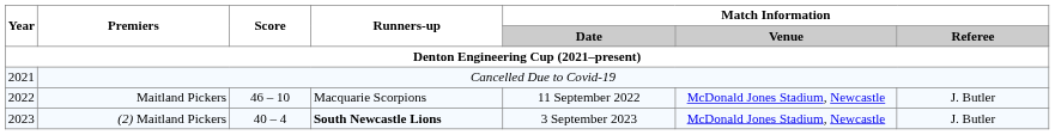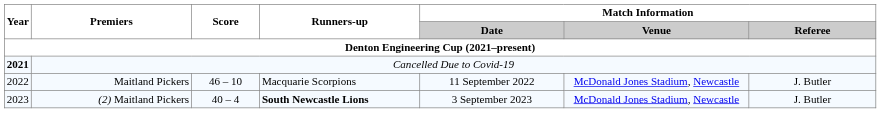 <table border="1" cellpadding="3" cellspacing="0" width="100%" style="border-collapse:collapse;  text-align:center;">
 <tr>
 <th rowspan="2">Year</th>
 <th rowspan="2" width="19%">Premiers</th>
 <th rowspan="2" width="8%">Score</th>
 <th rowspan="2" width="19%">Runners-up</th>
 <th colspan="3">Match Information</th>
 </tr>
 <tr style="background:#CCCCCC">
 <th width="17%">Date</th>
 <th width="22%">Venue</th>
 <th width="50%">Referee</th>
 </tr>
 <tr>
 <th colspan="7">Denton Engineering Cup (2021–present)</th>
 </tr>
 <tr style="text-align:center; background:#f5faff;">
-<td>2021</td>
+<td><strong>2021</strong></td>
 <td colspan="6"><em>Cancelled Due to Covid-19</em></td>
 </tr>
 <tr style="text-align:center; background:#f5faff;">
 <td>2022</td>
 <td align="right">Maitland Pickers </td>
 <td>46 – 10</td>
 <td align="left"> Macquarie Scorpions</td>
 <td>11 September 2022</td>
 <td><a href='#'>McDonald Jones Stadium</a>, <a href='#'>Newcastle</a></td>
 <td>J. Butler</td>
 </tr>
 <tr style="text-align:center; background:#f5faff;">
 <td>2023</td>
 <td align="right"><em>(2)</em> Maitland Pickers </td>
 <td>40 – 4</td>
 <td align="left"><strong> South Newcastle Lions</strong></td>
 <td>3 September 2023</td>
 <td><a href='#'>McDonald Jones Stadium</a>, <a href='#'>Newcastle</a></td>
 <td>J. Butler</td>
 </tr>
 </table>
